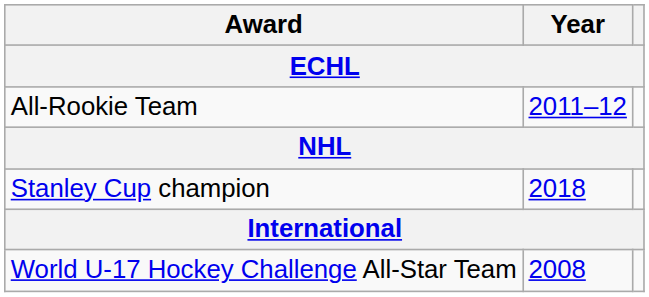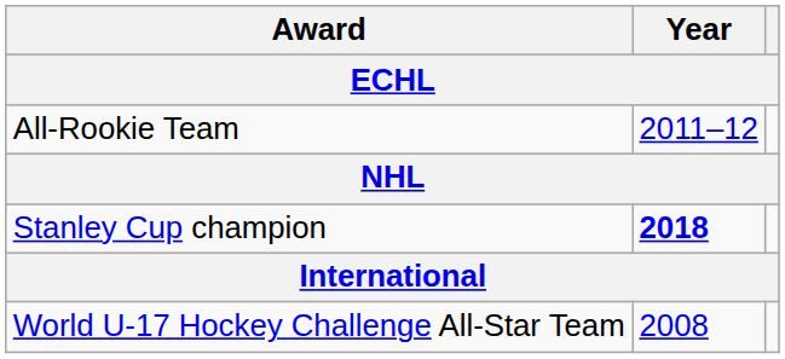 <table class="wikitable">
 <tr>
 <th>Award</th>
 <th>Year</th>
 <th></th>
 </tr>
 <tr>
 <th colspan="3"><a href='#'>ECHL</a></th>
 </tr>
 <tr>
 <td>All-Rookie Team</td>
 <td><a href='#'>2011–12</a></td>
 <td></td>
 </tr>
 <tr>
 <th colspan="3"><a href='#'>NHL</a></th>
 </tr>
 <tr>
 <td><a href='#'>Stanley Cup</a> champion</td>
-<td><a href='#'>2018</a></td>
+<td><strong><a href='#'>2018</a></strong></td>
 <td></td>
 </tr>
 <tr>
 <th colspan="3"><a href='#'>International</a></th>
 </tr>
 <tr>
 <td><a href='#'>World U-17 Hockey Challenge</a> All-Star Team</td>
 <td><a href='#'>2008</a></td>
 <td></td>
 </tr>
 </table>
